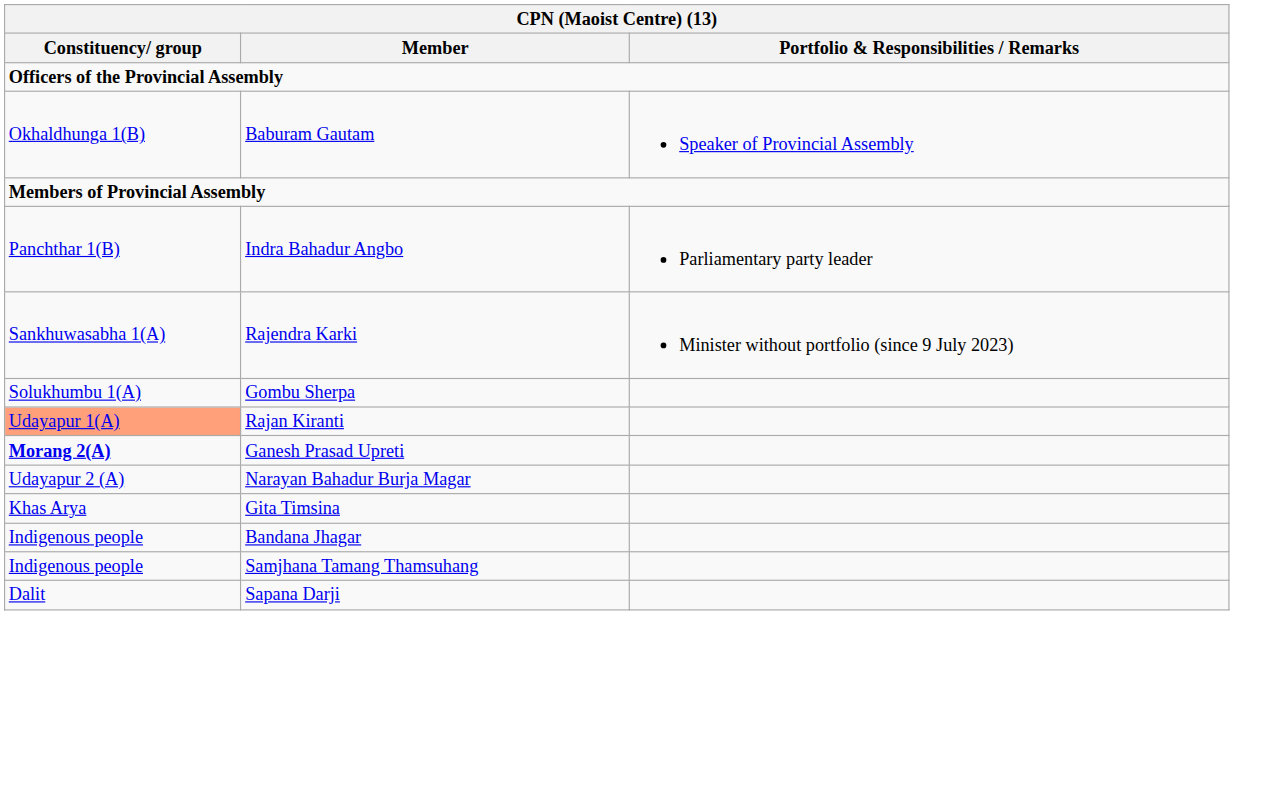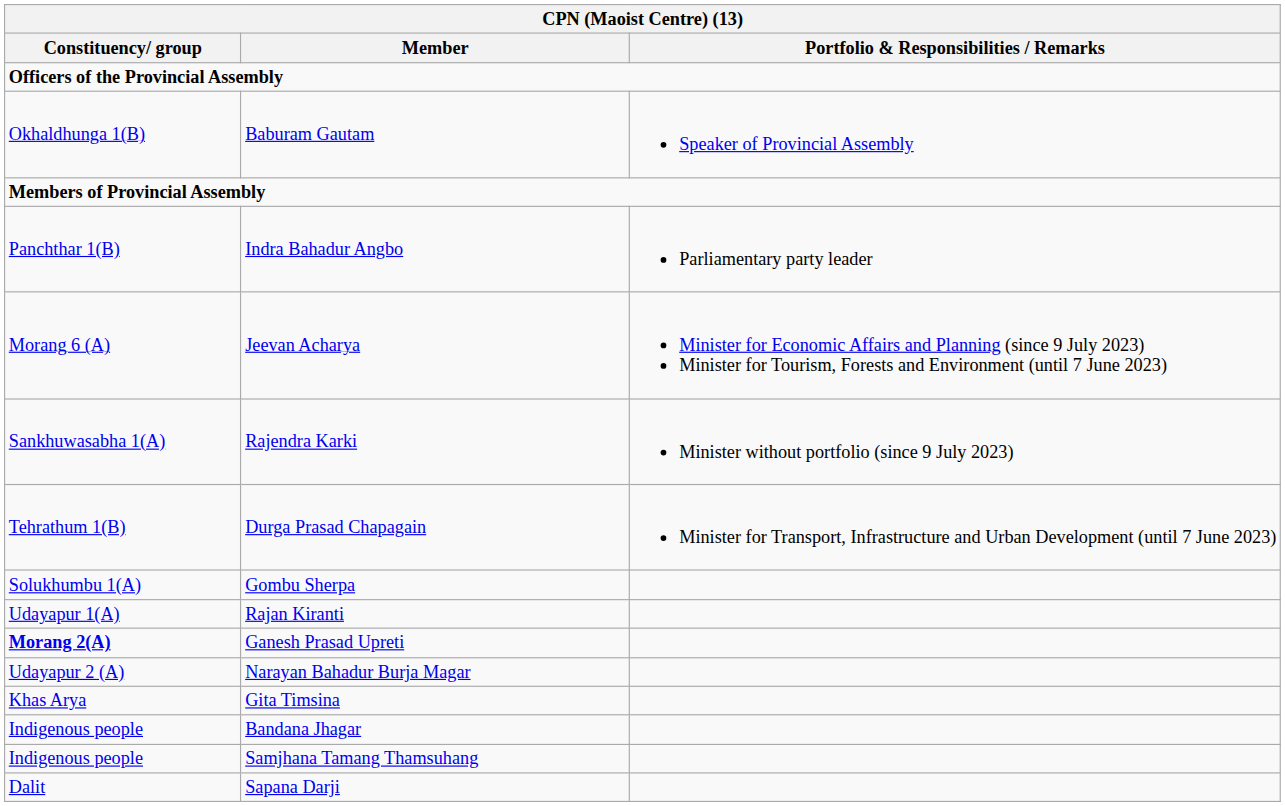 <table class="wikitable sortable mw-collapsible mw-collapsed">
 <tr>
 <th colspan="3" style="width: 800pt; background:">CPN (Maoist Centre) (13)</th>
 </tr>
 <tr>
 <th style="width:150pt;">Constituency/ group</th>
 <th style="width:250pt;">Member</th>
 <th>Portfolio & Responsibilities / Remarks</th>
 </tr>
 <tr>
 <td colspan="3"><strong>Officers of the Provincial Assembly</strong></td>
 </tr>
 <tr>
 <td><a href='#'>Okhaldhunga 1(B)</a></td>
 <td><a href='#'>Baburam Gautam</a></td>
 <td><br><ul><li><a href='#'>Speaker of Provincial Assembly</a></li></ul></td>
 </tr>
 <tr>
 <td colspan="3"><strong>Members of Provincial Assembly</strong></td>
 </tr>
 <tr>
 <td><a href='#'>Panchthar 1(B)</a></td>
 <td><a href='#'>Indra Bahadur Angbo</a></td>
 <td><br><ul><li>Parliamentary party leader</li></ul></td>
 </tr>
 <tr>
+<td><a href='#'>Morang 6 (A)</a></td>
+<td><a href='#'>Jeevan Acharya</a></td>
+<td><br><ul><li><a href='#'>Minister for Economic Affairs and Planning</a> (since 9 July 2023)</li><li>Minister for Tourism, Forests and Environment (until 7 June 2023)</li></ul></td>
+</tr>
+<tr>
 <td><a href='#'>Sankhuwasabha 1(A)</a></td>
 <td><a href='#'>Rajendra Karki</a></td>
 <td><br><ul><li>Minister without portfolio (since 9 July 2023)</li></ul></td>
+</tr>
+<tr>
+<td><a href='#'>Tehrathum 1(B)</a></td>
+<td><a href='#'>Durga Prasad Chapagain</a></td>
+<td><br><ul><li>Minister for Transport, Infrastructure and Urban Development (until 7 June 2023)</li></ul></td>
 </tr>
 <tr>
 <td><a href='#'>Solukhumbu 1(A)</a></td>
 <td><a href='#'>Gombu Sherpa</a></td>
 <td></td>
 </tr>
 <tr>
-<td style="background: lightsalmon;"><a href='#'>Udayapur 1(A)</a></td>
+<td><a href='#'>Udayapur 1(A)</a></td>
 <td><a href='#'>Rajan Kiranti</a></td>
 <td></td>
 </tr>
 <tr>
 <td><strong><a href='#'>Morang 2(A)</a></strong></td>
 <td><a href='#'>Ganesh Prasad Upreti</a></td>
 <td></td>
 </tr>
 <tr>
 <td><a href='#'>Udayapur 2 (A)</a></td>
 <td><a href='#'>Narayan Bahadur Burja Magar</a></td>
 </tr>
 <tr>
 <td><a href='#'>Khas Arya</a></td>
 <td><a href='#'>Gita Timsina</a></td>
 <td></td>
 </tr>
 <tr>
 <td><a href='#'>Indigenous people</a></td>
 <td><a href='#'>Bandana Jhagar</a></td>
 <td></td>
 </tr>
 <tr>
 <td><a href='#'>Indigenous people</a></td>
 <td><a href='#'>Samjhana Tamang Thamsuhang</a></td>
 <td></td>
 </tr>
 <tr>
 <td><a href='#'>Dalit</a></td>
 <td><a href='#'>Sapana Darji</a></td>
 <td></td>
 </tr>
 </table>
